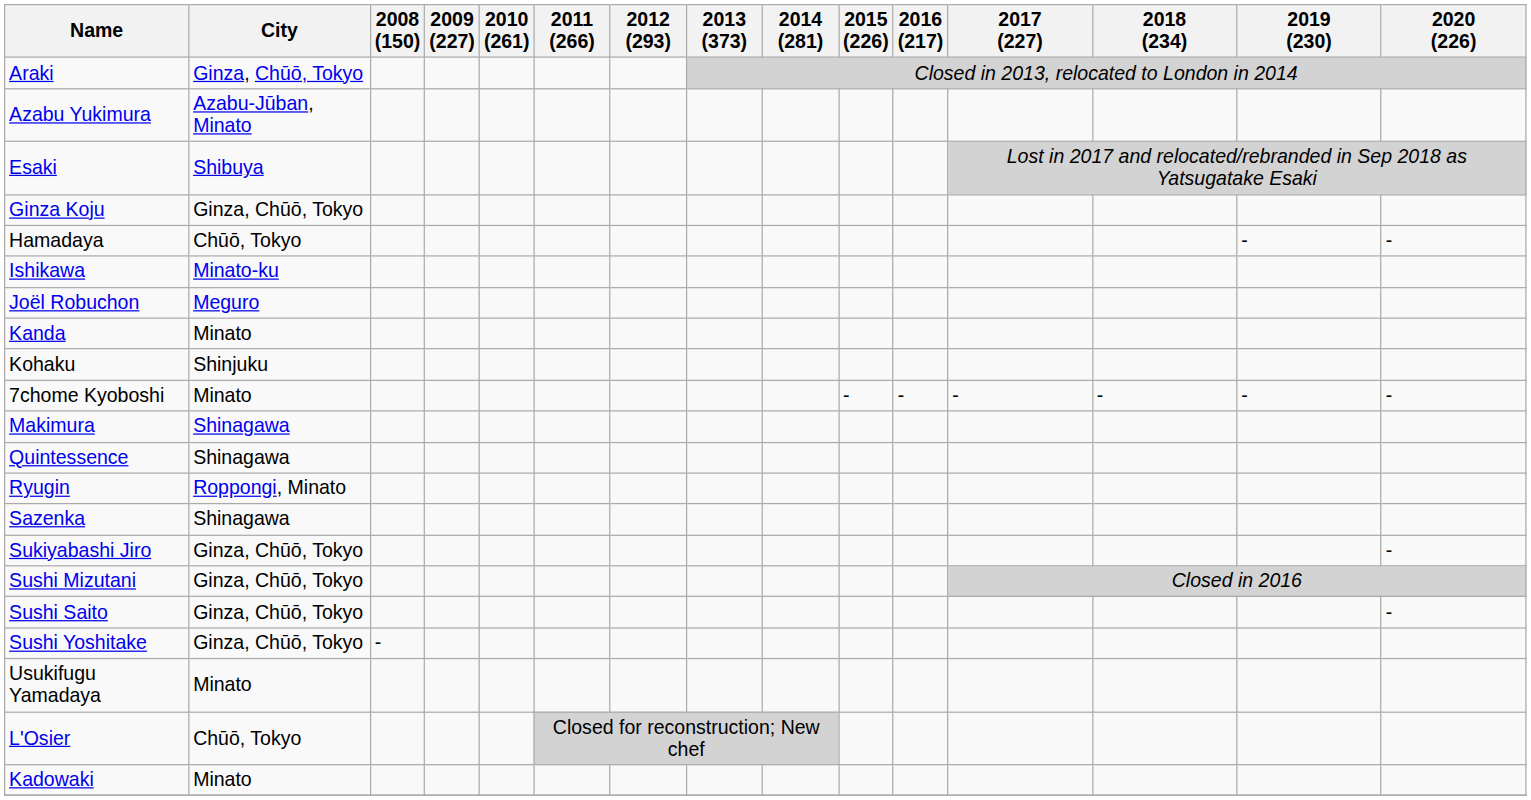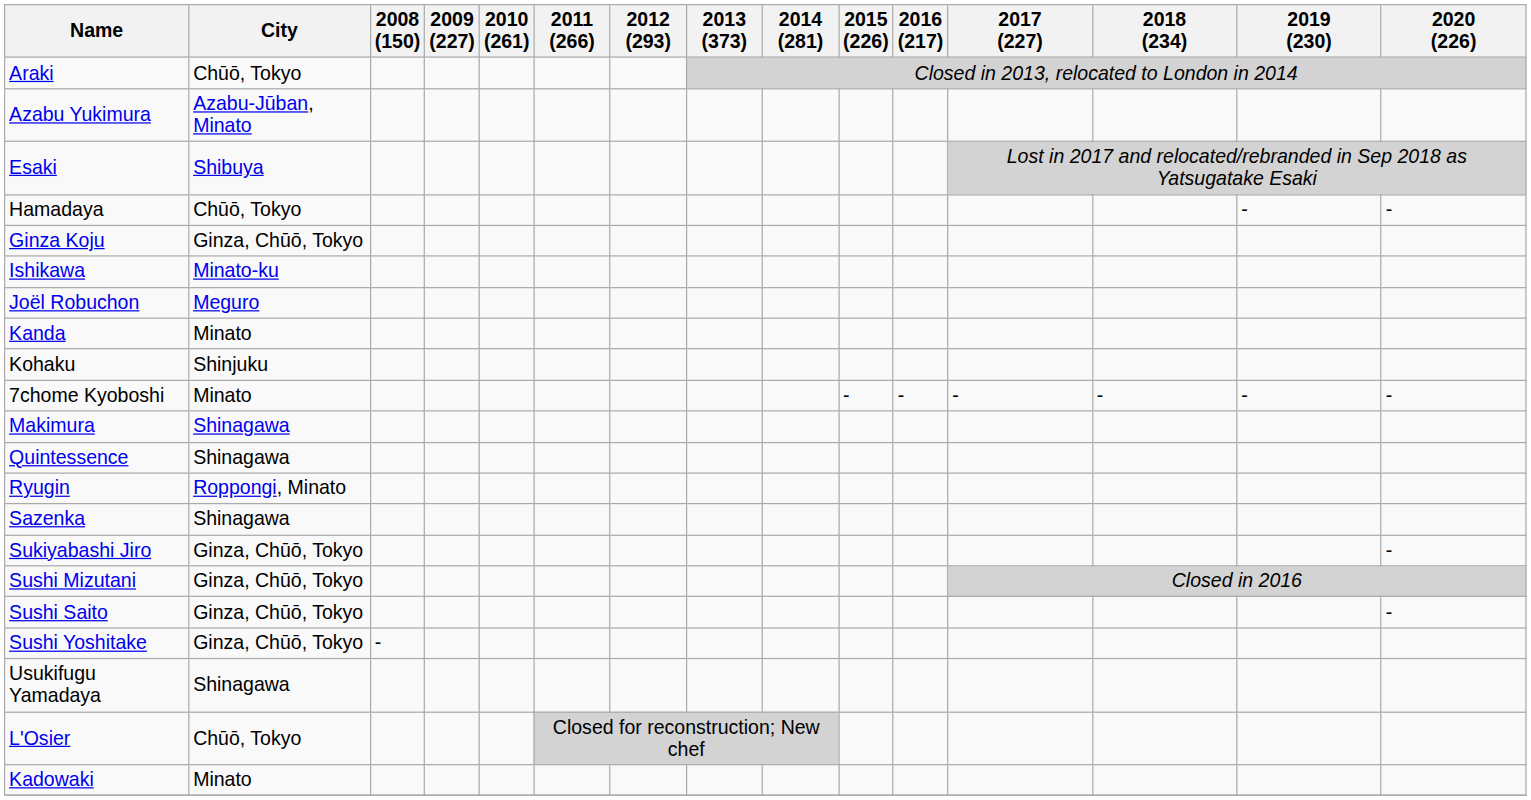 <table class="wikitable sortable" "wikitable mw-collapsible">
 <tr>
 <th>Name</th>
 <th>City</th>
 <th>2008<br>(150)</th>
 <th>2009<br>(227)</th>
 <th>2010<br>(261)</th>
 <th>2011<br>(266)</th>
 <th>2012<br>(293)</th>
 <th>2013<br>(373)</th>
 <th>2014<br>(281)</th>
 <th>2015<br>(226)</th>
 <th>2016<br>(217)</th>
 <th>2017<br>(227)</th>
 <th>2018<br>(234)</th>
 <th>2019<br>(230)</th>
 <th>2020<br>(226)</th>
 </tr>
 <tr>
 <td><a href='#'>Araki</a></td>
-<td><a href='#'>Ginza</a>, <a href='#'>Chūō, Tokyo</a></td>
+<td>Chūō, Tokyo</td>
 <td></td>
 <td></td>
 <td></td>
 <td></td>
 <td></td>
 <td colspan="8" style="text-align: center; background: lightgray;"><em>Closed in 2013, relocated to London in 2014</em></td>
 </tr>
 <tr>
 <td><a href='#'>Azabu Yukimura</a></td>
 <td><a href='#'>Azabu-Jūban</a>, <a href='#'>Minato</a></td>
 <td></td>
 <td></td>
 <td></td>
 <td></td>
 <td></td>
 <td></td>
 <td></td>
 <td></td>
 <td></td>
 <td></td>
 <td></td>
 <td></td>
 <td></td>
 </tr>
 <tr>
 <td><a href='#'>Esaki</a></td>
 <td><a href='#'>Shibuya</a></td>
 <td></td>
 <td></td>
 <td></td>
 <td></td>
 <td></td>
 <td></td>
 <td></td>
 <td></td>
 <td></td>
 <td colspan="4" style="text-align: center; background: lightgray;"><em>Lost in 2017 and relocated/rebranded in Sep 2018 as Yatsugatake Esaki</em></td>
 </tr>
 <tr>
+<td>Hamadaya</td>
+<td>Chūō, Tokyo</td>
+<td></td>
+<td></td>
+<td></td>
+<td></td>
+<td></td>
+<td></td>
+<td></td>
+<td></td>
+<td></td>
+<td></td>
+<td></td>
+<td>-</td>
+<td>-</td>
+</tr>
+<tr>
 <td><a href='#'>Ginza Koju</a></td>
 <td>Ginza, Chūō, Tokyo</td>
 <td></td>
 <td></td>
 <td></td>
 <td></td>
 <td></td>
 <td></td>
 <td></td>
 <td></td>
 <td></td>
 <td></td>
 <td></td>
 <td></td>
 <td></td>
-</tr>
-<tr>
-<td>Hamadaya</td>
-<td>Chūō, Tokyo</td>
-<td></td>
-<td></td>
-<td></td>
-<td></td>
-<td></td>
-<td></td>
-<td></td>
-<td></td>
-<td></td>
-<td></td>
-<td></td>
-<td>-</td>
-<td>-</td>
 </tr>
 <tr>
 <td><a href='#'>Ishikawa</a></td>
 <td><a href='#'>Minato-ku</a></td>
 <td></td>
 <td></td>
 <td></td>
 <td></td>
 <td></td>
 <td></td>
 <td></td>
 <td></td>
 <td></td>
 <td></td>
 <td></td>
 <td></td>
 <td></td>
 </tr>
 <tr>
 <td><a href='#'>Joël Robuchon</a></td>
 <td><a href='#'>Meguro</a></td>
 <td></td>
 <td></td>
 <td></td>
 <td></td>
 <td></td>
 <td></td>
 <td></td>
 <td></td>
 <td></td>
 <td></td>
 <td></td>
 <td></td>
 <td></td>
 </tr>
 <tr>
 <td><a href='#'>Kanda</a></td>
 <td>Minato</td>
 <td></td>
 <td></td>
 <td></td>
 <td></td>
 <td></td>
 <td></td>
 <td></td>
 <td></td>
 <td></td>
 <td></td>
 <td></td>
 <td></td>
 <td></td>
 </tr>
 <tr>
 <td>Kohaku</td>
 <td>Shinjuku</td>
 <td></td>
 <td></td>
 <td></td>
 <td></td>
 <td></td>
 <td></td>
 <td></td>
 <td></td>
 <td></td>
 <td></td>
 <td></td>
 <td></td>
 <td></td>
 </tr>
 <tr>
 <td>7chome Kyoboshi</td>
 <td>Minato</td>
 <td></td>
 <td></td>
 <td></td>
 <td></td>
 <td></td>
 <td></td>
 <td></td>
 <td>-</td>
 <td>-</td>
 <td>-</td>
 <td>-</td>
 <td>-</td>
 <td>-</td>
 </tr>
 <tr>
 <td><a href='#'>Makimura</a></td>
 <td><a href='#'>Shinagawa</a></td>
 <td></td>
 <td></td>
 <td></td>
 <td></td>
 <td></td>
 <td></td>
 <td></td>
 <td></td>
 <td></td>
 <td></td>
 <td></td>
 <td></td>
 <td></td>
 </tr>
 <tr>
 <td><a href='#'>Quintessence</a></td>
 <td>Shinagawa</td>
 <td></td>
 <td></td>
 <td></td>
 <td></td>
 <td></td>
 <td></td>
 <td></td>
 <td></td>
 <td></td>
 <td></td>
 <td></td>
 <td></td>
 <td></td>
 </tr>
 <tr>
 <td><a href='#'>Ryugin</a></td>
 <td><a href='#'>Roppongi</a>, Minato</td>
 <td></td>
 <td></td>
 <td></td>
 <td></td>
 <td></td>
 <td></td>
 <td></td>
 <td></td>
 <td></td>
 <td></td>
 <td></td>
 <td></td>
 <td></td>
 </tr>
 <tr>
 <td><a href='#'>Sazenka</a></td>
 <td>Shinagawa</td>
 <td></td>
 <td></td>
 <td></td>
 <td></td>
 <td></td>
 <td></td>
 <td></td>
 <td></td>
 <td></td>
 <td></td>
 <td></td>
 <td></td>
 <td></td>
 </tr>
 <tr>
 <td><a href='#'>Sukiyabashi Jiro</a></td>
 <td>Ginza, Chūō, Tokyo</td>
 <td></td>
 <td></td>
 <td></td>
 <td></td>
 <td></td>
 <td></td>
 <td></td>
 <td></td>
 <td></td>
 <td></td>
 <td></td>
 <td></td>
 <td>-</td>
 </tr>
 <tr>
 <td><a href='#'>Sushi Mizutani</a></td>
 <td>Ginza, Chūō, Tokyo</td>
 <td></td>
 <td></td>
 <td></td>
 <td></td>
 <td></td>
 <td></td>
 <td></td>
 <td></td>
 <td></td>
 <td colspan="4" style="text-align: center; background: lightgray;"><em>Closed in 2016</em></td>
 </tr>
 <tr>
 <td><a href='#'>Sushi Saito</a></td>
 <td>Ginza, Chūō, Tokyo</td>
 <td></td>
 <td></td>
 <td></td>
 <td></td>
 <td></td>
 <td></td>
 <td></td>
 <td></td>
 <td></td>
 <td></td>
 <td></td>
 <td></td>
 <td>-</td>
 </tr>
 <tr>
 <td><a href='#'>Sushi Yoshitake</a></td>
 <td>Ginza, Chūō, Tokyo</td>
 <td>-</td>
 <td></td>
 <td></td>
 <td></td>
 <td></td>
 <td></td>
 <td></td>
 <td></td>
 <td></td>
 <td></td>
 <td></td>
 <td></td>
 <td></td>
 </tr>
 <tr>
 <td>Usukifugu Yamadaya</td>
-<td>Minato</td>
+<td>Shinagawa</td>
 <td></td>
 <td></td>
 <td></td>
 <td></td>
 <td></td>
 <td></td>
 <td></td>
 <td></td>
 <td></td>
 <td></td>
 <td></td>
 <td></td>
 <td></td>
 </tr>
 <tr>
 <td><a href='#'>L'Osier</a></td>
 <td>Chūō, Tokyo</td>
 <td></td>
 <td></td>
 <td></td>
 <td colspan="4" style="text-align: center; background: lightgray;">Closed for reconstruction; New chef</td>
 <td></td>
 <td></td>
 <td></td>
 <td></td>
 <td></td>
 <td></td>
 </tr>
 <tr>
 <td><a href='#'>Kadowaki</a></td>
 <td>Minato</td>
 <td></td>
 <td></td>
 <td></td>
 <td></td>
 <td></td>
 <td></td>
 <td></td>
 <td></td>
 <td></td>
 <td></td>
 <td></td>
 <td></td>
 <td></td>
 </tr>
 <tr>
 </tr>
 </table>
